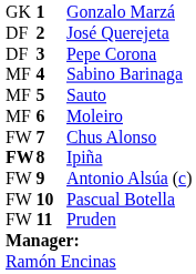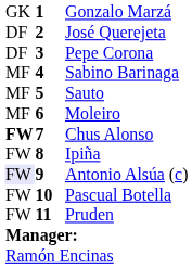 <table style="font-size:90%; margin:0.2em auto;" cellspacing="0" cellpadding="0">
 <tr>
 <th width="25"></th>
 <th width="25"></th>
 </tr>
 <tr>
 <td>GK</td>
 <td><strong>1</strong></td>
 <td> <a href='#'>Gonzalo Marzá</a></td>
 </tr>
 <tr>
 <td>DF</td>
 <td><strong>2</strong></td>
 <td> <a href='#'>José Querejeta</a></td>
 </tr>
 <tr>
 <td>DF</td>
 <td><strong>3</strong></td>
 <td> <a href='#'>Pepe Corona</a></td>
 </tr>
 <tr>
 <td>MF</td>
 <td><strong>4</strong></td>
 <td> <a href='#'>Sabino Barinaga</a></td>
 </tr>
 <tr>
 <td>MF</td>
 <td><strong>5</strong></td>
 <td> <a href='#'>Sauto</a></td>
 </tr>
 <tr>
 <td>MF</td>
 <td><strong>6</strong></td>
 <td> <a href='#'>Moleiro</a></td>
 </tr>
 <tr>
-<td>FW</td>
+<td><strong>FW</strong></td>
 <td><strong>7</strong></td>
 <td> <a href='#'>Chus Alonso</a></td>
 </tr>
 <tr>
-<td><strong>FW</strong></td>
+<td>FW</td>
 <td><strong>8</strong></td>
 <td> <a href='#'>Ipiña</a></td>
 </tr>
 <tr>
-<td>FW</td>
+<td style="background: lavender;">FW</td>
 <td><strong>9</strong></td>
 <td> <a href='#'>Antonio Alsúa</a> (<a href='#'>c</a>)</td>
 </tr>
 <tr>
 <td>FW</td>
 <td><strong>10</strong></td>
 <td> <a href='#'>Pascual Botella</a></td>
 </tr>
 <tr>
 <td>FW</td>
 <td><strong>11</strong></td>
 <td> <a href='#'>Pruden</a></td>
 </tr>
 <tr>
 <td colspan=3><strong>Manager:</strong></td>
 </tr>
 <tr>
 <td colspan=4> <a href='#'>Ramón Encinas</a></td>
 </tr>
 </table>
